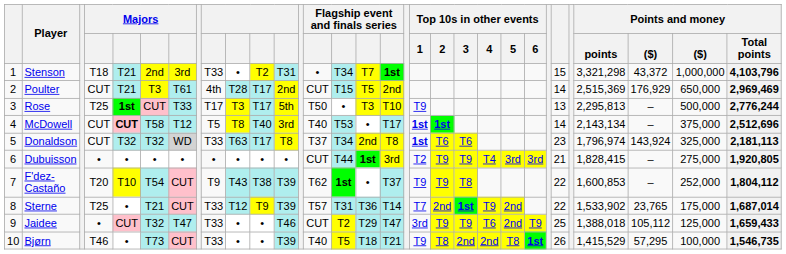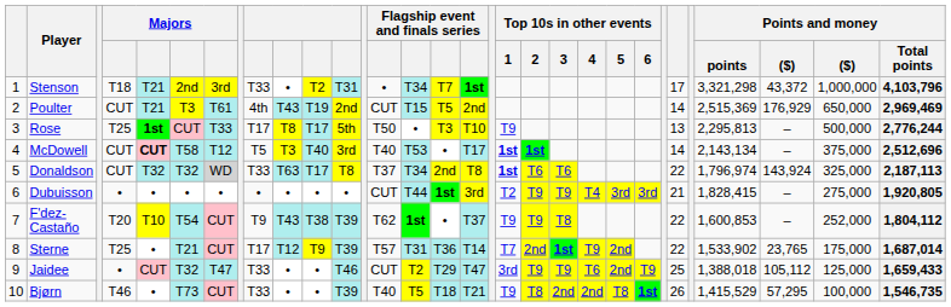 <table class=wikitable style=font-size:85%;text-align:center>
 <tr>
 <th rowspan=2></th>
 <th rowspan="2";>Player</th>
 <th rowspan="32"></th>
 <th colspan=4><a href='#'>Majors</a></th>
 <th rowspan="32"></th>
 <th colspan=4></th>
 <th rowspan="32"></th>
 <th colspan=4>Flagship event and  finals series</th>
 <th rowspan="32"></th>
 <th colspan="6">Top 10s in other  events</th>
 <th rowspan="32"></th>
 <th rowspan=2></th>
 <th rowspan="32"></th>
 <th colspan=4>Points and money</th>
 </tr>
 <tr>
 <th style="width:25px;"></th>
 <th style="width:25px;"></th>
 <th style="width:25px;"></th>
 <th style="width:25px;"></th>
 <th style="width:25px;"></th>
 <th style="width:25px;"></th>
 <th style="width:25px;"></th>
 <th style="width:25px;"></th>
 <th style="width:25px;"></th>
 <th style="width:25px;"></th>
 <th style="width:25px;"></th>
 <th style="width:25px;"></th>
 <th style="width:25px;">1</th>
 <th style="width:25px;">2</th>
 <th style="width:25px;">3</th>
 <th style="width:25px;">4</th>
 <th style="width:25px;">5</th>
 <th style="width:25px;">6</th>
 <th style=“width:25px;”><br>points</th>
 <th style=“width:25px;”><br>($)</th>
 <th style=“width:25px;”><br>($)</th>
 <th style=“width:25px;”>Total<br>points</th>
 </tr>
 <tr>
 <td>1</td>
 <td align="left"> <a href='#'>Stenson</a></td>
 <td>T18</td>
 <td bgcolor="afeeee">T21</td>
 <td bgcolor="yellow">2nd</td>
 <td bgcolor="yellow">3rd</td>
 <td>T33</td>
 <td style="background:white">•</td>
 <td bgcolor="yellow">T2</td>
 <td bgcolor="afeeee">T31</td>
 <td>•</td>
 <td bgcolor="afeeee">T34</td>
 <td bgcolor="yellow">T7</td>
 <td bgcolor="lime"><strong>1st</strong></td>
 <td></td>
 <td bgcolor=""></td>
 <td bgcolor=""></td>
 <td bgcolor=""></td>
 <td bgcolor=""></td>
 <td bgcolor=""></td>
-<td>15</td>
+<td>17</td>
 <td>3,321,298</td>
 <td>43,372</td>
 <td>1,000,000</td>
 <th>4,103,796</th>
 </tr>
 <tr>
 <td>2</td>
 <td align="left"> <a href='#'>Poulter</a></td>
 <td>CUT</td>
 <td bgcolor="afeeee">T21</td>
 <td bgcolor="yellow">T3</td>
 <td bgcolor="afeeee">T61</td>
 <td>4th</td>
-<td bgcolor="afeeee">T28</td>
-<td bgcolor="afeeee">T17</td>
+<td bgcolor="afeeee">T43</td>
+<td bgcolor="afeeee">T19</td>
 <td bgcolor="yellow">2nd</td>
 <td>CUT</td>
 <td bgcolor="afeeee">T15</td>
 <td bgcolor="yellow">T5</td>
 <td bgcolor="yellow">2nd</td>
 <td></td>
 <td bgcolor=""></td>
 <td bgcolor=""></td>
 <td bgcolor=""></td>
 <td bgcolor=""></td>
 <td bgcolor=""></td>
 <td>14</td>
 <td>2,515,369</td>
 <td>176,929</td>
 <td>650,000</td>
 <th>2,969,469</th>
 </tr>
 <tr>
 <td>3</td>
 <td align="left"> <a href='#'>Rose</a></td>
 <td>T25</td>
 <td bgcolor="lime"><strong>1st</strong></td>
 <td bgcolor="pink">CUT</td>
 <td bgcolor="afeeee">T33</td>
 <td>T17</td>
-<td bgcolor="yellow">T3</td>
+<td bgcolor="yellow">T8</td>
 <td bgcolor="afeeee">T17</td>
 <td bgcolor="yellow">5th</td>
 <td>T50</td>
 <td style="background:white">•</td>
 <td bgcolor="yellow">T3</td>
 <td bgcolor="yellow">T10</td>
 <td><a href='#'>T9</a></td>
 <td bgcolor=""></td>
 <td bgcolor=""></td>
 <td bgcolor=""></td>
 <td bgcolor=""></td>
 <td bgcolor=""></td>
 <td>13</td>
 <td>2,295,813</td>
 <td>–</td>
 <td>500,000</td>
 <th>2,776,244</th>
 </tr>
 <tr>
 <td>4</td>
 <td align="left"> <a href='#'>McDowell</a></td>
 <td>CUT</td>
 <td bgcolor="pink"><strong>CUT</strong></td>
 <td bgcolor="afeeee">T58</td>
 <td bgcolor="afeeee">T12</td>
 <td>T5</td>
-<td bgcolor="yellow">T8</td>
+<td bgcolor="yellow">T3</td>
 <td bgcolor="afeeee">T40</td>
 <td bgcolor="yellow">3rd</td>
 <td>T40</td>
 <td bgcolor="afeeee">T53</td>
 <td style="background:white">•</td>
 <td bgcolor="afeeee">T17</td>
 <td><a href='#'><strong>1st</strong></a></td>
 <td bgcolor="lime"><a href='#'><strong>1st</strong></a></td>
 <td bgcolor=""></td>
 <td bgcolor=""></td>
 <td bgcolor=""></td>
 <td bgcolor=""></td>
 <td>14</td>
 <td>2,143,134</td>
 <td>–</td>
 <td>375,000</td>
 <th>2,512,696</th>
 </tr>
 <tr>
 <td>5</td>
 <td align="left"> <a href='#'>Donaldson</a></td>
 <td>CUT</td>
 <td bgcolor="afeeee">T32</td>
 <td bgcolor="afeeee">T32</td>
 <td bgcolor="lightgrey">WD</td>
 <td>T33</td>
 <td bgcolor="afeeee">T63</td>
 <td bgcolor="afeeee">T17</td>
 <td bgcolor="yellow">T8</td>
 <td>T37</td>
 <td bgcolor="afeeee">T34</td>
 <td bgcolor="yellow">2nd</td>
 <td bgcolor="yellow">T8</td>
 <td><a href='#'><strong>1st</strong></a></td>
 <td bgcolor="yellow"><a href='#'>T6</a></td>
 <td bgcolor="yellow"><a href='#'>T6</a></td>
 <td bgcolor=""></td>
 <td bgcolor=""></td>
 <td bgcolor=""></td>
-<td>23</td>
+<td>22</td>
 <td>1,796,974</td>
 <td>143,924</td>
 <td>325,000</td>
-<th>2,181,113</th>
+<th>2,187,113</th>
 </tr>
 <tr>
 <td>6</td>
 <td align="left"> <a href='#'>Dubuisson</a></td>
 <td>•</td>
 <td style="background:white">•</td>
 <td style="background:white">•</td>
 <td style="background:white">•</td>
 <td>•</td>
 <td style="background:white">•</td>
 <td style="background:white">•</td>
 <td style="background:white">•</td>
 <td>CUT</td>
 <td bgcolor="afeeee">T44</td>
 <td bgcolor="lime"><strong>1st</strong></td>
 <td bgcolor="yellow">3rd</td>
 <td><a href='#'>T2</a></td>
 <td bgcolor="yellow"><a href='#'>T9</a></td>
 <td bgcolor="yellow"><a href='#'>T9</a></td>
 <td bgcolor="yellow"><a href='#'>T4</a></td>
 <td bgcolor="yellow"><a href='#'>3rd</a></td>
 <td bgcolor="yellow"><a href='#'>3rd</a></td>
 <td>21</td>
 <td>1,828,415</td>
 <td>–</td>
 <td>275,000</td>
 <th>1,920,805</th>
 </tr>
 <tr>
 <td>7</td>
 <td align="left"> <a href='#'>F'dez-Castaño</a></td>
 <td>T20</td>
 <td bgcolor="yellow">T10</td>
 <td bgcolor="afeeee">T54</td>
 <td bgcolor="pink">CUT</td>
 <td>T9</td>
 <td bgcolor="afeeee">T43</td>
 <td bgcolor="afeeee">T38</td>
 <td bgcolor="afeeee">T39</td>
 <td>T62</td>
 <td bgcolor="lime"><strong>1st</strong></td>
 <td style="background:white">•</td>
 <td bgcolor="afeeee">T37</td>
 <td><a href='#'>T9</a></td>
 <td bgcolor="yellow"><a href='#'>T9</a></td>
 <td bgcolor="yellow"><a href='#'>T8</a></td>
 <td bgcolor=""></td>
 <td bgcolor=""></td>
 <td bgcolor=""></td>
 <td>22</td>
 <td>1,600,853</td>
 <td>–</td>
 <td>252,000</td>
 <th>1,804,112</th>
 </tr>
 <tr>
 <td>8</td>
 <td align="left"> <a href='#'>Sterne</a></td>
 <td>T25</td>
 <td style="background:white">•</td>
 <td bgcolor="afeeee">T21</td>
 <td bgcolor="pink">CUT</td>
-<td>T33</td>
+<td>T17</td>
 <td bgcolor="afeeee">T12</td>
 <td bgcolor="yellow">T9</td>
 <td bgcolor="afeeee">T39</td>
 <td>T57</td>
 <td bgcolor="afeeee">T31</td>
 <td bgcolor="afeeee">T36</td>
 <td bgcolor="afeeee">T14</td>
 <td><a href='#'>T7</a></td>
 <td bgcolor="yellow"><a href='#'>2nd</a></td>
 <td bgcolor="lime"><a href='#'><strong>1st</strong></a></td>
 <td bgcolor="yellow"><a href='#'>T9</a></td>
 <td bgcolor="yellow"><a href='#'>2nd</a></td>
 <td bgcolor=""></td>
 <td>22</td>
 <td>1,533,902</td>
 <td>23,765</td>
 <td>175,000</td>
 <th>1,687,014</th>
 </tr>
 <tr>
 <td>9</td>
 <td align="left"> <a href='#'>Jaidee</a></td>
 <td>•</td>
 <td bgcolor="pink">CUT</td>
 <td bgcolor="afeeee">T32</td>
 <td bgcolor="afeeee">T47</td>
 <td>T33</td>
 <td style="background:white">•</td>
 <td style="background:white">•</td>
 <td bgcolor="afeeee">T46</td>
 <td>CUT</td>
 <td bgcolor="yellow">T2</td>
 <td bgcolor="afeeee">T29</td>
 <td bgcolor="afeeee">T47</td>
 <td><a href='#'>3rd</a></td>
 <td bgcolor="yellow"><a href='#'>T9</a></td>
 <td bgcolor="yellow"><a href='#'>T9</a></td>
 <td bgcolor="yellow"><a href='#'>T6</a></td>
 <td bgcolor="yellow"><a href='#'>2nd</a></td>
 <td bgcolor="yellow"><a href='#'>T9</a></td>
 <td>25</td>
 <td>1,388,018</td>
 <td>105,112</td>
 <td>125,000</td>
 <th>1,659,433</th>
 </tr>
 <tr>
 <td>10</td>
 <td align="left"> <a href='#'>Bjørn</a></td>
 <td>T46</td>
 <td style="background:white">•</td>
 <td bgcolor="afeeee">T73</td>
 <td bgcolor="pink">CUT</td>
 <td>T33</td>
 <td style="background:white">•</td>
 <td style="background:white">•</td>
 <td bgcolor="afeeee">T39</td>
 <td>T40</td>
 <td bgcolor="yellow">T5</td>
 <td bgcolor="afeeee">T18</td>
 <td bgcolor="afeeee">T21</td>
 <td><a href='#'>T9</a></td>
 <td bgcolor="yellow"><a href='#'>T8</a></td>
 <td bgcolor="yellow"><a href='#'>2nd</a></td>
 <td bgcolor="yellow"><a href='#'>2nd</a></td>
 <td bgcolor="yellow"><a href='#'>T8</a></td>
 <td bgcolor="lime"><a href='#'><strong>1st</strong></a></td>
 <td>26</td>
 <td>1,415,529</td>
 <td>57,295</td>
 <td>100,000</td>
 <th>1,546,735</th>
 </tr>
 </table>
